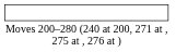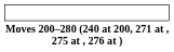 <table style="display:inline; display:inline-table;">
 <tr>
 <td style="border: solid thin; padding: 2px;"><br></td>
 </tr>
 <tr>
-<td style="text-align:center">Moves 200–280 (240 at 200, 271 at ,<br>275 at , 276 at )</td>
+<td style="text-align:center"><strong>Moves 200–280 (240 at 200, 271 at ,<br>275 at , 276 at )</strong></td>
 </tr>
 </table>
